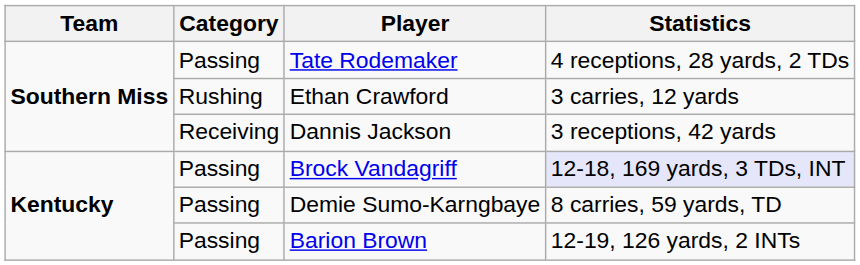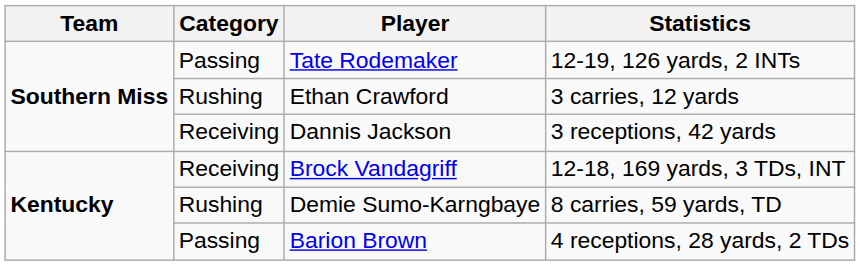 <table class="wikitable" style="float: right;">
 <tr>
 <th>Team</th>
 <th>Category</th>
 <th>Player</th>
 <th>Statistics</th>
 </tr>
 <tr>
 <td rowspan=3><strong>Southern Miss</strong></td>
 <td>Passing</td>
 <td><a href='#'>Tate Rodemaker</a></td>
-<td>4 receptions, 28 yards, 2 TDs</td>
+<td>12-19, 126 yards, 2 INTs</td>
 </tr>
 <tr>
 <td>Rushing</td>
 <td>Ethan Crawford</td>
 <td>3 carries, 12 yards</td>
 </tr>
 <tr>
 <td>Receiving</td>
 <td>Dannis Jackson</td>
 <td>3 receptions, 42 yards</td>
 </tr>
 <tr>
 <td rowspan=3><strong>Kentucky</strong></td>
-<td>Passing</td>
+<td>Receiving</td>
 <td><a href='#'>Brock Vandagriff</a></td>
-<td style="background: lavender;">12-18, 169 yards, 3 TDs, INT</td>
+<td>12-18, 169 yards, 3 TDs, INT</td>
 </tr>
 <tr>
-<td>Passing</td>
+<td>Rushing</td>
 <td>Demie Sumo-Karngbaye</td>
 <td>8 carries, 59 yards, TD</td>
 </tr>
 <tr>
 <td>Passing</td>
 <td><a href='#'>Barion Brown</a></td>
-<td>12-19, 126 yards, 2 INTs</td>
+<td>4 receptions, 28 yards, 2 TDs</td>
 </tr>
 </table>
